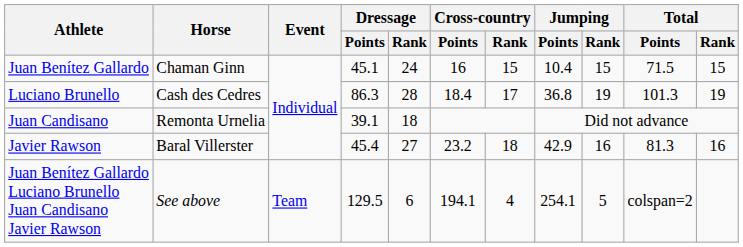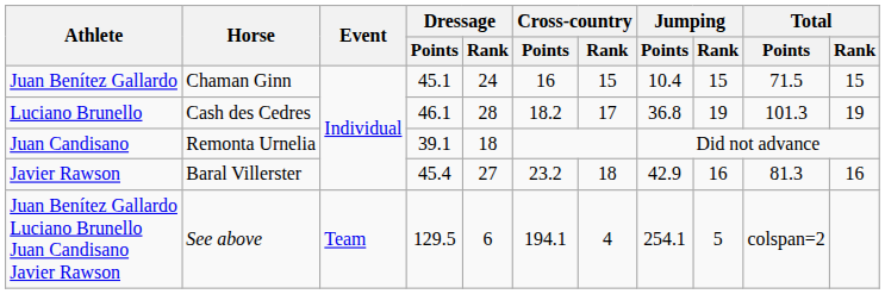 <table class=wikitable style=font-size:90%;text-align:center>
 <tr>
 <th rowspan=2>Athlete</th>
 <th rowspan=2>Horse</th>
 <th rowspan=2>Event</th>
 <th colspan=2>Dressage</th>
 <th colspan=2>Cross-country</th>
 <th colspan=2>Jumping</th>
 <th colspan=2>Total</th>
 </tr>
 <tr style=font-size:95%>
 <th>Points</th>
 <th>Rank</th>
 <th>Points</th>
 <th>Rank</th>
 <th>Points</th>
 <th>Rank</th>
 <th>Points</th>
 <th>Rank</th>
 </tr>
 <tr>
 <td align=left><a href='#'>Juan Benítez Gallardo</a></td>
 <td align=left>Chaman Ginn</td>
 <td align=left rowspan=4><a href='#'>Individual</a></td>
 <td>45.1</td>
 <td>24</td>
 <td>16</td>
 <td>15</td>
 <td>10.4</td>
 <td>15</td>
 <td>71.5</td>
 <td>15</td>
 </tr>
 <tr>
 <td align=left><a href='#'>Luciano Brunello</a></td>
 <td align=left>Cash des Cedres</td>
-<td>86.3</td>
+<td>46.1</td>
 <td>28</td>
-<td>18.4</td>
+<td>18.2</td>
 <td>17</td>
 <td>36.8</td>
 <td>19</td>
 <td>101.3</td>
 <td>19</td>
 </tr>
 <tr>
 <td align=left><a href='#'>Juan Candisano</a></td>
 <td align=left>Remonta Urnelia</td>
 <td>39.1</td>
 <td>18</td>
 <td colspan=2><s></s></td>
 <td colspan=4>Did not advance</td>
 </tr>
 <tr>
 <td align=left><a href='#'>Javier Rawson</a></td>
 <td align=left>Baral Villerster</td>
 <td>45.4</td>
 <td>27</td>
 <td>23.2</td>
 <td>18</td>
 <td>42.9</td>
 <td>16</td>
 <td>81.3</td>
 <td>16</td>
 </tr>
 <tr>
 <td align=left><a href='#'>Juan Benítez Gallardo</a><br><a href='#'>Luciano Brunello</a><br><a href='#'>Juan Candisano</a><br><a href='#'>Javier Rawson</a></td>
 <td align=left><em>See above</em></td>
 <td align=left><a href='#'>Team</a></td>
 <td>129.5</td>
 <td>6</td>
 <td>194.1</td>
 <td>4</td>
 <td>254.1</td>
 <td>5</td>
 <td>colspan=2 </td>
 </tr>
 </table>
